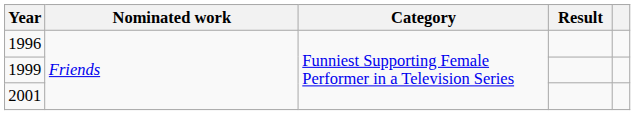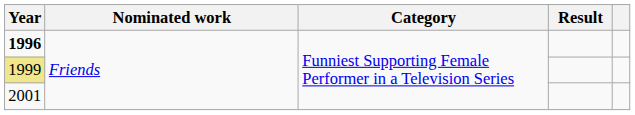 <table class="wikitable sortable">
 <tr>
 <th scope="col" style="width:1em;">Year</th>
 <th scope="col" style="width:39em;">Nominated work</th>
 <th scope="col" style="width:39em;">Category</th>
 <th scope="col" style="width:5em;">Result</th>
 <th scope="col" style="width:2em;" class="unsortable"></th>
 </tr>
 <tr>
-<td>1996</td>
+<td><strong>1996</strong></td>
 <td rowspan="3"><em><a href='#'>Friends</a></em></td>
 <td rowspan="3"><a href='#'>Funniest Supporting Female Performer in a Television Series</a></td>
 <td></td>
 <td></td>
 </tr>
 <tr>
-<td>1999</td>
+<td style="background: khaki;">1999</td>
 <td></td>
 <td></td>
 </tr>
 <tr>
 <td>2001</td>
 <td></td>
 <td></td>
 </tr>
 </table>
